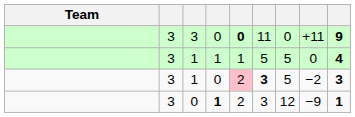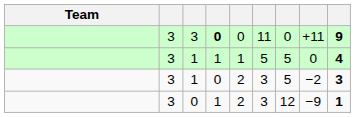 <table class="wikitable" style="text-align: center;">
 <tr>
 <th width="175">Team</th>
 <th width="20"></th>
 <th width="20"></th>
 <th width="20"></th>
 <th width="20"></th>
 <th width="20"></th>
 <th width="20"></th>
 <th width="20"></th>
 <th width="20"></th>
 </tr>
 <tr bgcolor=ccffcc>
 <td style="text-align:left;"></td>
 <td>3</td>
 <td>3</td>
+<td><strong>0</strong></td>
 <td>0</td>
-<td><strong>0</strong></td>
 <td>11</td>
 <td>0</td>
 <td>+11</td>
 <td><strong>9</strong></td>
 </tr>
 <tr bgcolor=ccffcc>
 <td style="text-align:left;"></td>
 <td>3</td>
 <td>1</td>
 <td>1</td>
 <td>1</td>
 <td>5</td>
 <td>5</td>
 <td>0</td>
 <td><strong>4</strong></td>
 </tr>
 <tr>
 <td style="text-align:left;"></td>
 <td>3</td>
 <td>1</td>
 <td>0</td>
-<td style="background: pink;">2</td>
-<td><strong>3</strong></td>
+<td>2</td>
+<td>3</td>
 <td>5</td>
 <td>−2</td>
 <td><strong>3</strong></td>
 </tr>
 <tr>
 <td style="text-align:left;"></td>
 <td>3</td>
 <td>0</td>
-<td><strong>1</strong></td>
+<td>1</td>
 <td>2</td>
 <td>3</td>
 <td>12</td>
 <td>−9</td>
 <td><strong>1</strong></td>
 </tr>
 </table>
